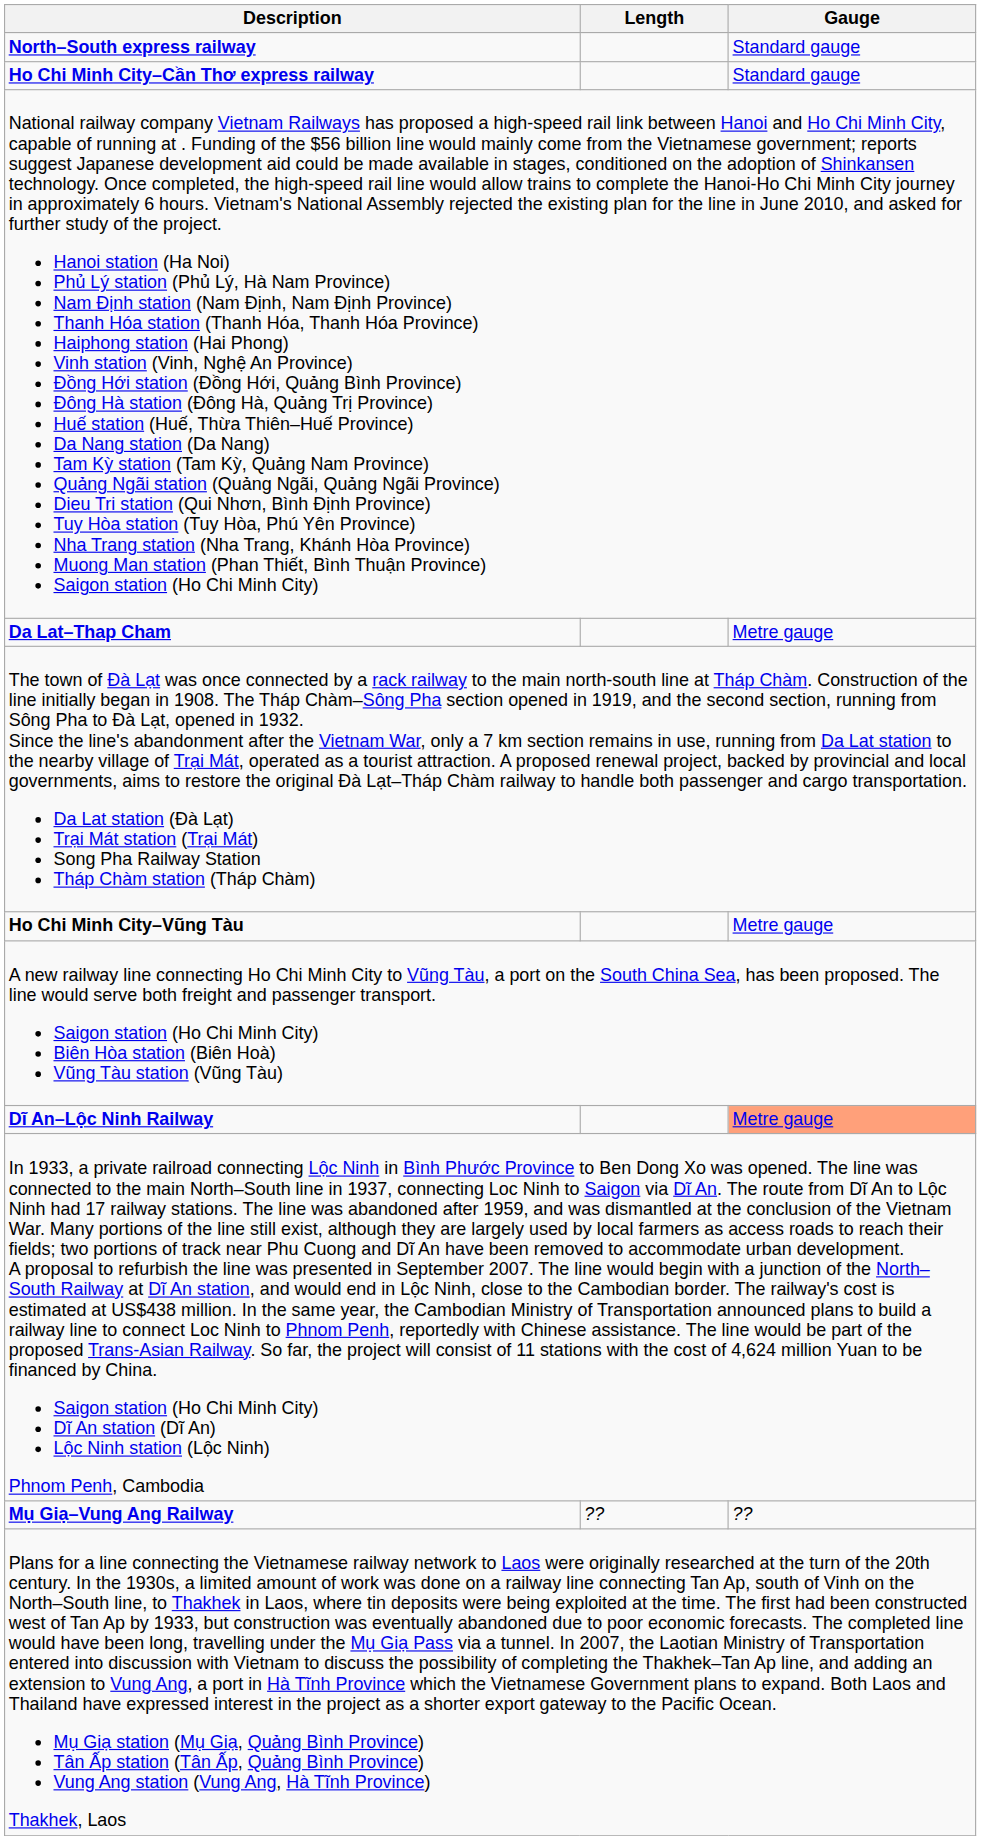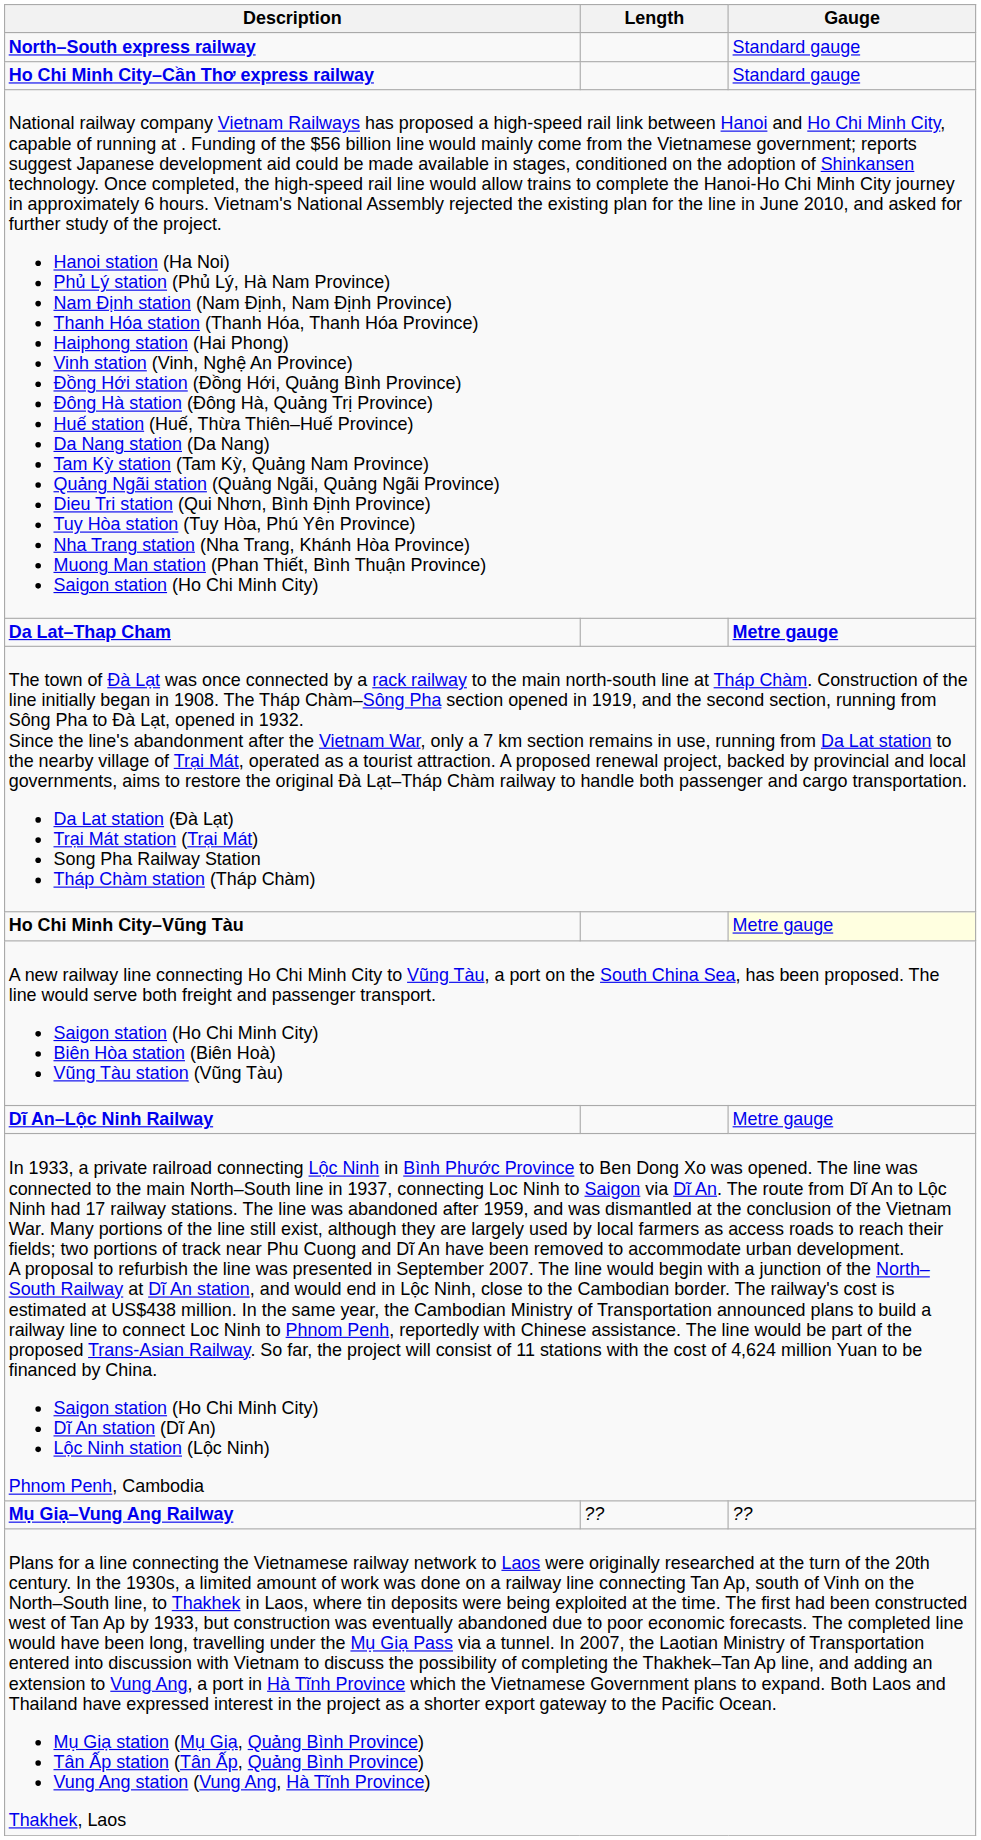 <table class="wikitable">
 <tr>
 <th>Description</th>
 <th>Length</th>
 <th>Gauge</th>
 </tr>
 <tr>
 <td><strong><a href='#'>North–South express railway</a></strong></td>
 <td></td>
 <td><a href='#'>Standard gauge</a></td>
 </tr>
 <tr>
 <td><strong><a href='#'>Ho Chi Minh City–Cần Thơ express railway</a></strong></td>
 <td></td>
 <td><a href='#'>Standard gauge</a></td>
 </tr>
 <tr>
 <td colspan="3"><br> National railway company <a href='#'>Vietnam Railways</a> has proposed a high-speed rail link between <a href='#'>Hanoi</a> and <a href='#'>Ho Chi Minh City</a>, capable of running at . Funding of the $56 billion line would mainly come from the Vietnamese government; reports suggest Japanese development aid could be made available in stages, conditioned on the adoption of <a href='#'>Shinkansen</a> technology. Once completed, the high-speed rail line would allow trains to complete the Hanoi-Ho Chi Minh City journey in approximately 6 hours. Vietnam's National Assembly rejected the existing plan for the line in June 2010, and asked for further study of the project.<ul><li><a href='#'>Hanoi station</a> (Ha Noi)</li><li><a href='#'>Phủ Lý station</a> (Phủ Lý, Hà Nam Province)</li><li><a href='#'>Nam Định station</a> (Nam Định, Nam Định Province)</li><li><a href='#'>Thanh Hóa station</a> (Thanh Hóa, Thanh Hóa Province)</li><li><a href='#'>Haiphong station</a> (Hai Phong)</li><li><a href='#'>Vinh station</a> (Vinh, Nghệ An Province)</li><li><a href='#'>Đồng Hới station</a> (Đồng Hới, Quảng Bình Province)</li><li><a href='#'>Đông Hà station</a> (Đông Hà, Quảng Trị Province)</li><li><a href='#'>Huế station</a> (Huế, Thừa Thiên–Huế Province)</li><li><a href='#'>Da Nang station</a> (Da Nang)</li><li><a href='#'>Tam Kỳ station</a> (Tam Kỳ, Quảng Nam Province)</li><li><a href='#'>Quảng Ngãi station</a> (Quảng Ngãi, Quảng Ngãi Province)</li><li><a href='#'>Dieu Tri station</a> (Qui Nhơn, Bình Định Province)</li><li><a href='#'>Tuy Hòa station</a> (Tuy Hòa, Phú Yên Province)</li><li><a href='#'>Nha Trang station</a> (Nha Trang, Khánh Hòa Province)</li><li><a href='#'>Muong Man station</a> (Phan Thiết, Bình Thuận Province)</li><li><a href='#'>Saigon station</a> (Ho Chi Minh City)</li></ul></td>
 </tr>
 <tr>
 <td><strong><a href='#'>Da Lat–Thap Cham</a></strong></td>
 <td></td>
-<td><a href='#'>Metre gauge</a></td>
+<td><strong><a href='#'>Metre gauge</a></strong></td>
 </tr>
 <tr>
 <td colspan="5"><br> The town of <a href='#'>Đà Lạt</a> was once connected by a <a href='#'>rack railway</a> to the main north-south line at <a href='#'>Tháp Chàm</a>. Construction of the line initially began in 1908. The  Tháp Chàm–<a href='#'>Sông Pha</a> section opened in 1919, and the second section, running  from Sông Pha to Đà Lạt, opened in 1932.<br>Since the line's abandonment after the <a href='#'>Vietnam War</a>, only a 7 km section remains in use, running from <a href='#'>Da Lat station</a> to the nearby village of <a href='#'>Trại Mát</a>, operated as a tourist attraction. A proposed renewal project, backed by provincial and local governments, aims to restore the original Đà Lạt–Tháp Chàm railway to handle both passenger and cargo transportation.<ul><li><a href='#'>Da Lat station</a> (Đà Lạt)</li><li><a href='#'>Trại Mát station</a> (<a href='#'>Trại Mát</a>)</li><li>Song Pha Railway Station</li><li><a href='#'>Tháp Chàm station</a> (Tháp Chàm)</li></ul></td>
 </tr>
 <tr>
 <td><strong>Ho Chi Minh City–Vũng Tàu</strong></td>
 <td></td>
-<td><a href='#'>Metre gauge</a></td>
+<td style="background: lightyellow;"><a href='#'>Metre gauge</a></td>
 </tr>
 <tr>
 <td colspan="3"><br>A new railway line connecting Ho Chi Minh City to <a href='#'>Vũng Tàu</a>, a port on the <a href='#'>South China Sea</a>, has been proposed. The line would serve both freight and passenger transport.<ul><li><a href='#'>Saigon station</a> (Ho Chi Minh City)</li><li><a href='#'>Biên Hòa station</a> (Biên Hoà)</li><li><a href='#'>Vũng Tàu station</a> (Vũng Tàu)</li></ul></td>
 </tr>
 <tr>
 <td><strong><a href='#'>Dĩ An–Lộc Ninh Railway</a></strong></td>
 <td></td>
-<td style="background: lightsalmon;"><a href='#'>Metre gauge</a></td>
+<td><a href='#'>Metre gauge</a></td>
 </tr>
 <tr>
 <td colspan="5"><br> In 1933, a private railroad connecting <a href='#'>Lộc Ninh</a> in <a href='#'>Bình Phước Province</a> to Ben Dong Xo was opened. The line was connected to the main North–South line in 1937, connecting Loc Ninh to <a href='#'>Saigon</a> via <a href='#'>Dĩ An</a>. The route from Dĩ An to Lộc Ninh had 17 railway stations. The line was abandoned after 1959, and was dismantled at the conclusion of the Vietnam War. Many portions of the line still exist, although they are largely used by local farmers as access roads to reach their fields; two portions of track near Phu Cuong and Dĩ An have been removed to accommodate urban development.<br>A proposal to refurbish the line was presented in September 2007. The line would begin with a junction of the <a href='#'>North–South Railway</a> at <a href='#'>Dĩ An station</a>, and would end in Lộc Ninh, close to the Cambodian border. The railway's cost is estimated at US$438 million. In the same year, the Cambodian Ministry of Transportation announced plans to build a railway line to connect Loc Ninh to <a href='#'>Phnom Penh</a>, reportedly with Chinese assistance. The line would be part of the proposed <a href='#'>Trans-Asian Railway</a>.  So far, the project will consist of 11 stations with the cost of 4,624 million Yuan to be financed by China.<ul><li><a href='#'>Saigon station</a> (Ho Chi Minh City)</li><li><a href='#'>Dĩ An station</a> (Dĩ An)</li><li><a href='#'>Lộc Ninh station</a> (Lộc Ninh)</li></ul> <a href='#'>Phnom Penh</a>, Cambodia</td>
 </tr>
 <tr>
 <td><strong><a href='#'>Mụ Giạ–Vung Ang Railway</a></strong></td>
 <td><em>??</em></td>
 <td><em>??</em></td>
 </tr>
 <tr>
 <td colspan="3"><br>Plans for a line connecting the Vietnamese railway network to <a href='#'>Laos</a> were originally researched at the turn of the 20th century. In the 1930s, a limited amount of work was done on a railway line connecting Tan Ap, south of Vinh on the North–South line, to <a href='#'>Thakhek</a> in Laos, where tin deposits were being exploited at the time. The first  had been constructed west of Tan Ap by 1933, but construction was eventually abandoned due to poor economic forecasts. The completed line would have been  long, travelling under the <a href='#'>Mụ Giạ Pass</a> via a tunnel. In 2007, the Laotian Ministry of Transportation entered into discussion with Vietnam to discuss the possibility of completing the Thakhek–Tan Ap line, and adding an extension to <a href='#'>Vung Ang</a>, a port in <a href='#'>Hà Tĩnh Province</a> which the Vietnamese Government plans to expand. Both Laos and Thailand have expressed interest in the project as a shorter export gateway to the Pacific Ocean.<ul><li><a href='#'>Mụ Giạ station</a> (<a href='#'>Mụ Giạ</a>, <a href='#'>Quảng Bình Province</a>)</li><li><a href='#'>Tân Ấp station</a> (<a href='#'>Tân Ấp</a>, <a href='#'>Quảng Bình Province</a>)</li><li><a href='#'>Vung Ang station</a> (<a href='#'>Vung Ang</a>, <a href='#'>Hà Tĩnh Province</a>)</li></ul> <a href='#'>Thakhek</a>, Laos</td>
 </tr>
 </table>
